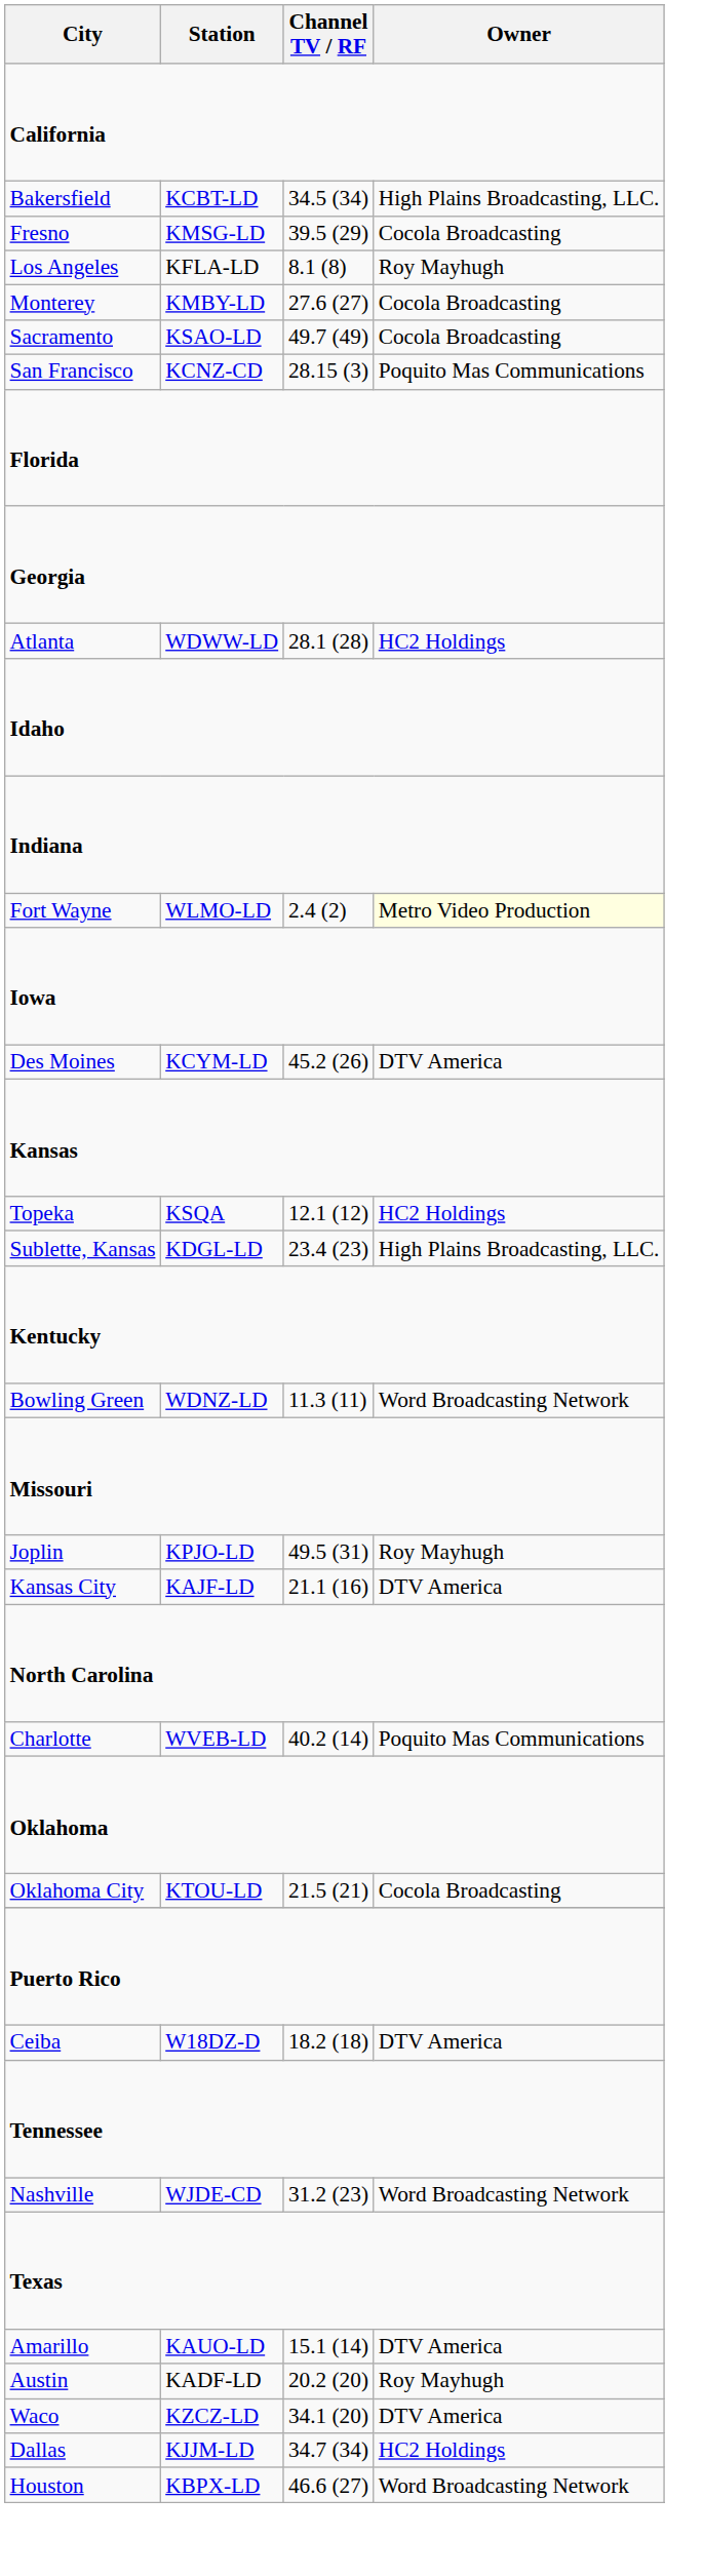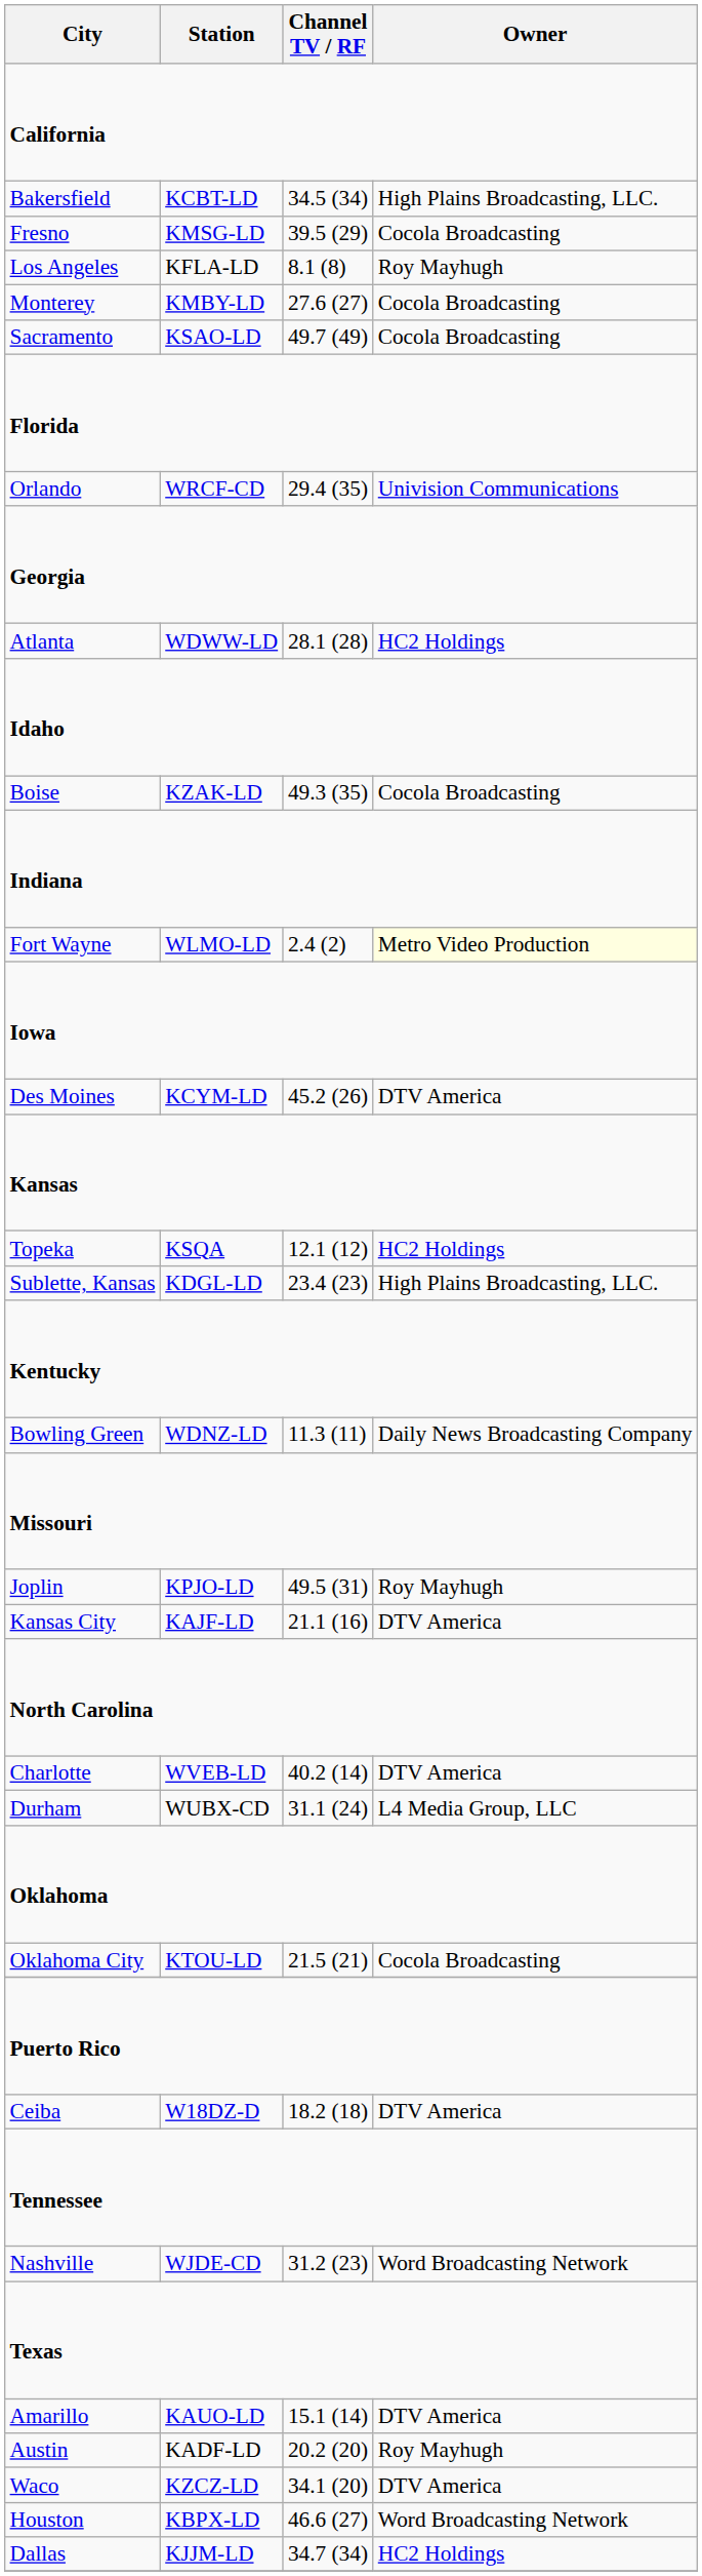 <table class="wikitable unsortable">
 <tr>
 <th>City</th>
 <th>Station</th>
 <th>Channel<br><a href='#'>TV</a> / <a href='#'>RF</a></th>
 <th>Owner</th>
 </tr>
 <tr>
 <td colspan="4"><br><h4>California</h4></td>
 </tr>
 <tr>
 <td><a href='#'>Bakersfield</a></td>
 <td><a href='#'>KCBT-LD</a></td>
 <td>34.5 (34)</td>
 <td>High Plains Broadcasting, LLC.</td>
 </tr>
 <tr>
 <td><a href='#'>Fresno</a></td>
 <td><a href='#'>KMSG-LD</a></td>
 <td>39.5 (29)</td>
 <td>Cocola Broadcasting</td>
 </tr>
 <tr>
 <td><a href='#'>Los Angeles</a></td>
 <td>KFLA-LD</td>
 <td>8.1 (8)</td>
 <td>Roy Mayhugh</td>
 </tr>
 <tr>
 <td><a href='#'>Monterey</a></td>
 <td><a href='#'>KMBY-LD</a></td>
 <td>27.6 (27)</td>
 <td>Cocola Broadcasting</td>
 </tr>
 <tr>
 <td><a href='#'>Sacramento</a></td>
 <td><a href='#'>KSAO-LD</a></td>
 <td>49.7 (49)</td>
 <td>Cocola Broadcasting</td>
 </tr>
 <tr>
-<td><a href='#'>San Francisco</a></td>
-<td><a href='#'>KCNZ-CD</a></td>
-<td>28.15 (3)</td>
-<td>Poquito Mas Communications</td>
+<td colspan="4"><br><h4>Florida</h4></td>
 </tr>
 <tr>
-<td colspan="4"><br><h4>Florida</h4></td>
+<td><a href='#'>Orlando</a></td>
+<td><a href='#'>WRCF-CD</a></td>
+<td>29.4 (35)</td>
+<td><a href='#'>Univision Communications</a></td>
 </tr>
 <tr>
 <td colspan="4"><br><h4>Georgia</h4></td>
 </tr>
 <tr>
 <td><a href='#'>Atlanta</a></td>
 <td><a href='#'>WDWW-LD</a></td>
 <td>28.1 (28)</td>
 <td><a href='#'>HC2 Holdings</a></td>
 </tr>
 <tr>
 <td colspan="4"><br><h4>Idaho</h4></td>
+</tr>
+<tr>
+<td><a href='#'>Boise</a></td>
+<td><a href='#'>KZAK-LD</a></td>
+<td>49.3 (35)</td>
+<td>Cocola Broadcasting</td>
 </tr>
 <tr>
 <td colspan="4"><br><h4>Indiana</h4></td>
 </tr>
 <tr>
 <td><a href='#'>Fort Wayne</a></td>
 <td><a href='#'>WLMO-LD</a></td>
 <td>2.4 (2)</td>
 <td style="background: lightyellow;">Metro Video Production</td>
 </tr>
 <tr>
 <td colspan="4"><br><h4>Iowa</h4></td>
 </tr>
 <tr>
 <td><a href='#'>Des Moines</a></td>
 <td><a href='#'>KCYM-LD</a></td>
 <td>45.2 (26)</td>
 <td>DTV America</td>
 </tr>
 <tr>
 <td colspan="4"><br><h4>Kansas</h4></td>
 </tr>
 <tr>
 <td><a href='#'>Topeka</a></td>
 <td><a href='#'>KSQA</a></td>
 <td>12.1 (12)</td>
 <td><a href='#'>HC2 Holdings</a></td>
 </tr>
 <tr>
 <td><a href='#'>Sublette, Kansas</a></td>
 <td><a href='#'>KDGL-LD</a></td>
 <td>23.4 (23)</td>
 <td>High Plains Broadcasting, LLC.</td>
 </tr>
 <tr>
 <td colspan="4"><br><h4>Kentucky</h4></td>
 </tr>
 <tr>
 <td><a href='#'>Bowling Green</a></td>
 <td><a href='#'>WDNZ-LD</a></td>
 <td>11.3 (11)</td>
-<td>Word Broadcasting Network</td>
+<td>Daily News Broadcasting Company</td>
 </tr>
 <tr>
 <td colspan="4"><br><h4>Missouri</h4></td>
 </tr>
 <tr>
 <td><a href='#'>Joplin</a></td>
 <td><a href='#'>KPJO-LD</a></td>
 <td>49.5 (31)</td>
 <td>Roy Mayhugh</td>
 </tr>
 <tr>
 <td><a href='#'>Kansas City</a></td>
 <td><a href='#'>KAJF-LD</a></td>
 <td>21.1 (16)</td>
 <td>DTV America</td>
 </tr>
 <tr>
 <td colspan="4"><br><h4>North Carolina</h4></td>
 </tr>
 <tr>
 <td><a href='#'>Charlotte</a></td>
 <td><a href='#'>WVEB-LD</a></td>
 <td>40.2 (14)</td>
-<td>Poquito Mas Communications</td>
+<td>DTV America</td>
+</tr>
+<tr>
+<td><a href='#'>Durham</a></td>
+<td>WUBX-CD</td>
+<td>31.1 (24)</td>
+<td>L4 Media Group, LLC</td>
 </tr>
 <tr>
 <td colspan="4"><br><h4>Oklahoma</h4></td>
 </tr>
 <tr>
 <td><a href='#'>Oklahoma City</a></td>
 <td><a href='#'>KTOU-LD</a></td>
 <td>21.5 (21)</td>
 <td>Cocola Broadcasting</td>
 </tr>
 <tr>
 </tr>
 <tr>
 <td colspan="4"><br><h4>Puerto Rico</h4></td>
 </tr>
 <tr>
 <td><a href='#'>Ceiba</a></td>
 <td><a href='#'>W18DZ-D</a></td>
 <td>18.2 (18)</td>
 <td>DTV America</td>
 </tr>
 <tr>
 <td colspan="4"><br><h4>Tennessee</h4></td>
 </tr>
 <tr>
 <td><a href='#'>Nashville</a></td>
 <td><a href='#'>WJDE-CD</a></td>
 <td>31.2 (23)</td>
 <td>Word Broadcasting Network</td>
 </tr>
 <tr>
 <td colspan="4"><br><h4>Texas</h4></td>
 </tr>
 <tr>
 <td><a href='#'>Amarillo</a></td>
 <td><a href='#'>KAUO-LD</a></td>
 <td>15.1 (14)</td>
 <td>DTV America</td>
 </tr>
 <tr>
 <td><a href='#'>Austin</a></td>
 <td>KADF-LD</td>
 <td>20.2 (20)</td>
 <td>Roy Mayhugh</td>
 </tr>
 <tr>
 <td><a href='#'>Waco</a></td>
 <td><a href='#'>KZCZ-LD</a></td>
 <td>34.1 (20)</td>
 <td>DTV America</td>
 </tr>
 <tr>
+<td><a href='#'>Houston</a></td>
+<td><a href='#'>KBPX-LD</a></td>
+<td>46.6 (27)</td>
+<td>Word Broadcasting Network</td>
+</tr>
+<tr>
 <td><a href='#'>Dallas</a></td>
 <td><a href='#'>KJJM-LD</a></td>
 <td>34.7 (34)</td>
 <td><a href='#'>HC2 Holdings</a></td>
 </tr>
 <tr>
-<td><a href='#'>Houston</a></td>
-<td><a href='#'>KBPX-LD</a></td>
-<td>46.6 (27)</td>
-<td>Word Broadcasting Network</td>
-</tr>
-<tr>
 </tr>
 </table>
